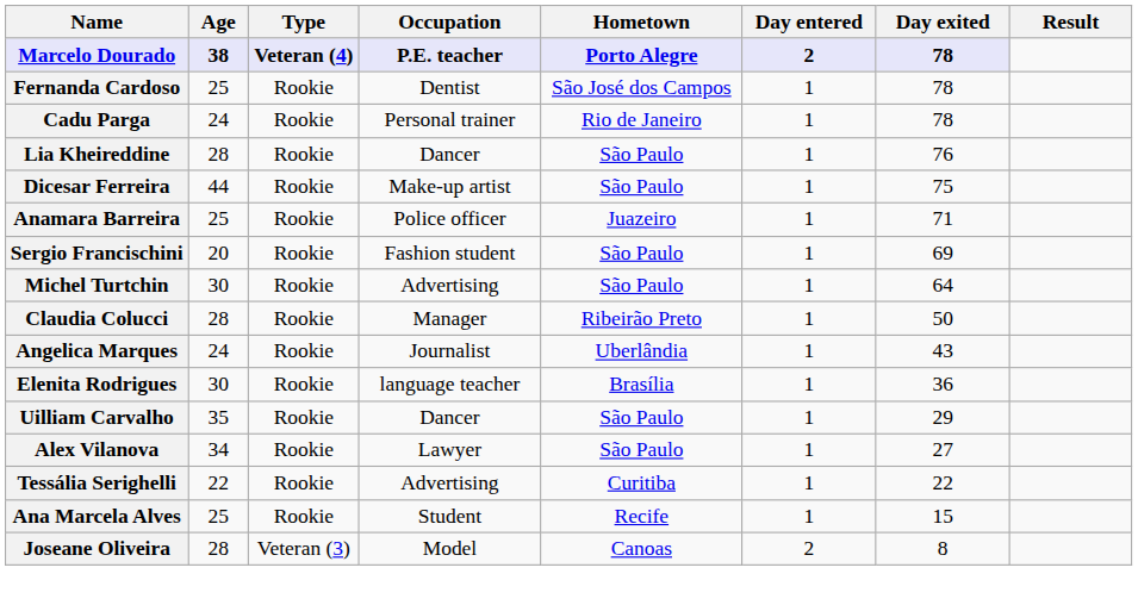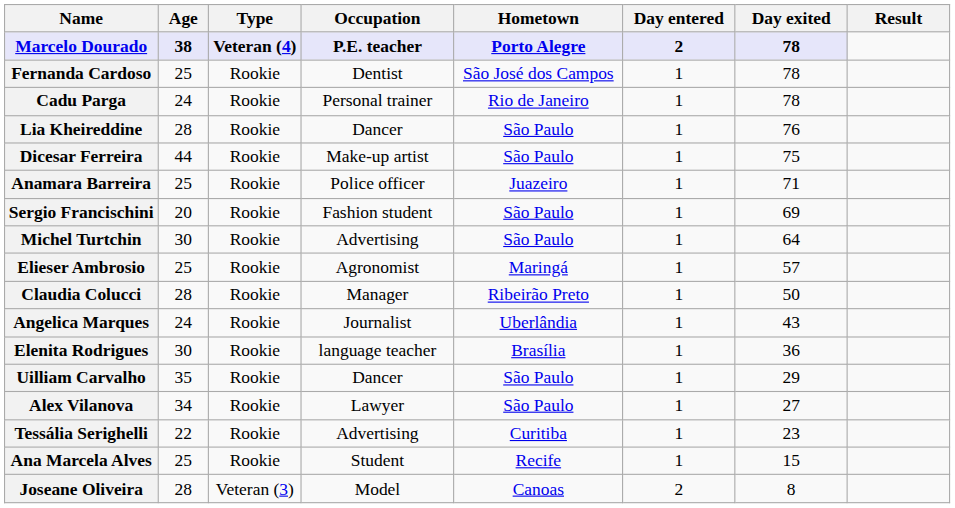 <table class="wikitable sortable" style="text-align:center;">
 <tr>
 <th scope="col" width="15.0%">Name</th>
 <th scope="col" width="05.0%">Age</th>
 <th scope="col" width="09.0%">Type</th>
 <th scope="col" width="15.0%">Occupation</th>
 <th scope="col" width="16.5%">Hometown</th>
 <th scope="col" width="11.0%">Day entered</th>
 <th scope="col" width="11.0%">Day exited</th>
 <th scope="col" width="10.0%">Result</th>
 </tr>
 <tr>
 <td bgcolor="E6E6FA"><strong><a href='#'>Marcelo Dourado</a></strong></td>
 <td bgcolor="E6E6FA"><strong>38</strong></td>
 <td bgcolor="E6E6FA"><strong>Veteran (<a href='#'>4</a>)</strong></td>
 <td bgcolor="E6E6FA"><strong>P.E. teacher</strong></td>
 <td bgcolor="E6E6FA"><strong><a href='#'>Porto Alegre</a></strong></td>
 <td bgcolor="E6E6FA"><strong>2</strong></td>
 <td bgcolor="E6E6FA"><strong>78</strong></td>
 <td></td>
 </tr>
 <tr>
 <th>Fernanda Cardoso</th>
 <td>25</td>
 <td>Rookie</td>
 <td>Dentist</td>
 <td><a href='#'>São José dos Campos</a></td>
 <td>1</td>
 <td>78</td>
 <td></td>
 </tr>
 <tr>
 <th>Cadu Parga</th>
 <td>24</td>
 <td>Rookie</td>
 <td>Personal trainer</td>
 <td><a href='#'>Rio de Janeiro</a></td>
 <td>1</td>
 <td>78</td>
 <td></td>
 </tr>
 <tr>
 <th>Lia Kheireddine</th>
 <td>28</td>
 <td>Rookie</td>
 <td>Dancer</td>
 <td><a href='#'>São Paulo</a></td>
 <td>1</td>
 <td>76</td>
 <td></td>
 </tr>
 <tr>
 <th>Dicesar Ferreira</th>
 <td>44</td>
 <td>Rookie</td>
 <td>Make-up artist</td>
 <td><a href='#'>São Paulo</a></td>
 <td>1</td>
 <td>75</td>
 <td></td>
 </tr>
 <tr>
 <th>Anamara Barreira</th>
 <td>25</td>
 <td>Rookie</td>
 <td>Police officer</td>
 <td><a href='#'>Juazeiro</a></td>
 <td>1</td>
 <td>71</td>
 <td></td>
 </tr>
 <tr>
 <th>Sergio Francischini</th>
 <td>20</td>
 <td>Rookie</td>
 <td>Fashion student</td>
 <td><a href='#'>São Paulo</a></td>
 <td>1</td>
 <td>69</td>
 <td></td>
 </tr>
 <tr>
 <th>Michel Turtchin</th>
 <td>30</td>
 <td>Rookie</td>
 <td>Advertising</td>
 <td><a href='#'>São Paulo</a></td>
 <td>1</td>
 <td>64</td>
 <td></td>
 </tr>
 <tr>
+<th>Elieser Ambrosio</th>
+<td>25</td>
+<td>Rookie</td>
+<td>Agronomist</td>
+<td><a href='#'>Maringá</a></td>
+<td>1</td>
+<td>57</td>
+<td></td>
+</tr>
+<tr>
 <th>Claudia Colucci</th>
 <td>28</td>
 <td>Rookie</td>
 <td>Manager</td>
 <td><a href='#'>Ribeirão Preto</a></td>
 <td>1</td>
 <td>50</td>
 <td></td>
 </tr>
 <tr>
 <th>Angelica Marques</th>
 <td>24</td>
 <td>Rookie</td>
 <td>Journalist</td>
 <td><a href='#'>Uberlândia</a></td>
 <td>1</td>
 <td>43</td>
 <td></td>
 </tr>
 <tr>
 <th>Elenita Rodrigues</th>
 <td>30</td>
 <td>Rookie</td>
 <td> language teacher</td>
 <td><a href='#'>Brasília</a></td>
 <td>1</td>
 <td>36</td>
 <td></td>
 </tr>
 <tr>
 <th>Uilliam Carvalho</th>
 <td>35</td>
 <td>Rookie</td>
 <td>Dancer</td>
 <td><a href='#'>São Paulo</a></td>
 <td>1</td>
 <td>29</td>
 <td></td>
 </tr>
 <tr>
 <th>Alex Vilanova</th>
 <td>34</td>
 <td>Rookie</td>
 <td>Lawyer</td>
 <td><a href='#'>São Paulo</a></td>
 <td>1</td>
 <td>27</td>
 <td></td>
 </tr>
 <tr>
 <th>Tessália Serighelli</th>
 <td>22</td>
 <td>Rookie</td>
 <td>Advertising</td>
 <td><a href='#'>Curitiba</a></td>
 <td>1</td>
-<td>22</td>
+<td>23</td>
 <td></td>
 </tr>
 <tr>
 <th>Ana Marcela Alves</th>
 <td>25</td>
 <td>Rookie</td>
 <td>Student</td>
 <td><a href='#'>Recife</a></td>
 <td>1</td>
 <td>15</td>
 <td></td>
 </tr>
 <tr>
 <th>Joseane Oliveira</th>
 <td>28</td>
 <td>Veteran (<a href='#'>3</a>)</td>
 <td>Model</td>
 <td><a href='#'>Canoas</a></td>
 <td>2</td>
 <td>8</td>
 <td></td>
 </tr>
 </table>
